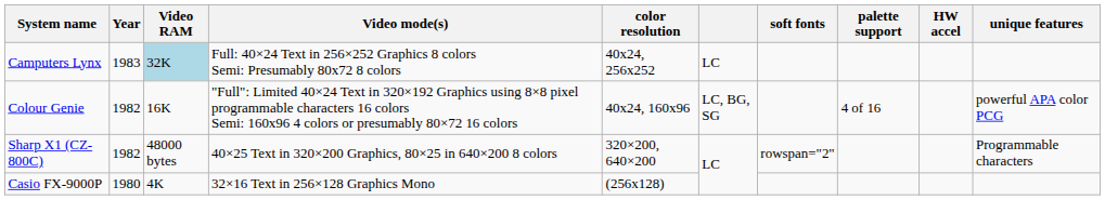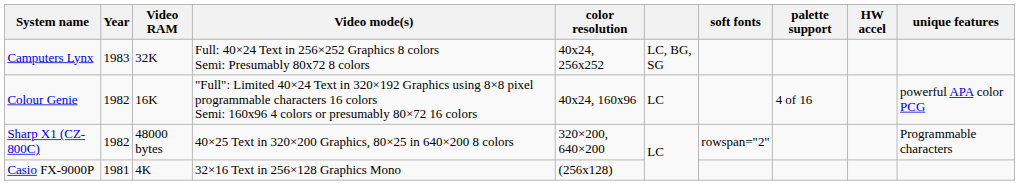 <table class="wikitable">
 <tr>
 <th>System name</th>
 <th>Year</th>
 <th>Video RAM</th>
 <th>Video mode(s)</th>
 <th>color resolution</th>
 <th></th>
 <th>soft fonts</th>
 <th>palette support</th>
 <th>HW accel</th>
 <th>unique features</th>
 </tr>
 <tr>
 <td><a href='#'>Camputers Lynx</a></td>
 <td>1983</td>
-<td style="background: lightblue;">32K</td>
+<td>32K</td>
 <td>Full: 40×24 Text in 256×252 Graphics 8 colors<br>Semi: Presumably 80x72 8 colors</td>
 <td>40x24, 256x252</td>
-<td>LC</td>
+<td>LC, BG, SG</td>
 <td></td>
 <td></td>
 <td></td>
 <td></td>
 </tr>
 <tr>
 <td><a href='#'>Colour Genie</a></td>
 <td>1982</td>
 <td>16K</td>
 <td>"Full": Limited 40×24 Text in 320×192 Graphics using 8×8 pixel programmable characters 16 colors<br>Semi: 160x96 4 colors or presumably 80×72 16 colors</td>
 <td>40x24, 160x96</td>
-<td>LC, BG, SG</td>
+<td>LC</td>
 <td></td>
 <td>4 of 16</td>
 <td></td>
 <td>powerful <a href='#'>APA</a> color <a href='#'>PCG</a></td>
 </tr>
 <tr>
 <td><a href='#'>Sharp X1 (CZ-800C)</a></td>
 <td>1982</td>
 <td>48000 bytes</td>
 <td>40×25 Text in 320×200 Graphics, 80×25 in 640×200 8 colors</td>
 <td>320×200, 640×200</td>
 <td rowspan="2">LC</td>
 <td>rowspan="2" </td>
 <td></td>
 <td></td>
 <td>Programmable characters</td>
 </tr>
 <tr>
 <td><a href='#'>Casio</a> FX-9000P</td>
-<td>1980</td>
+<td>1981</td>
 <td>4K</td>
 <td>32×16 Text in 256×128 Graphics Mono</td>
 <td>(256x128)</td>
 <td></td>
 <td></td>
 <td></td>
 </tr>
 </table>
